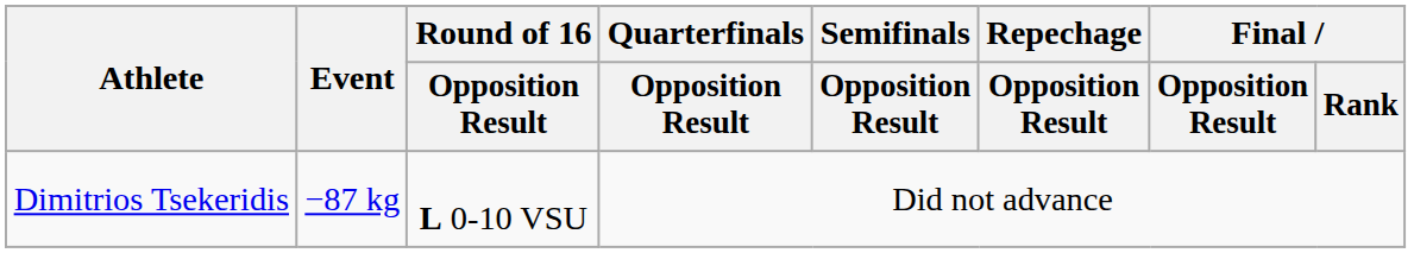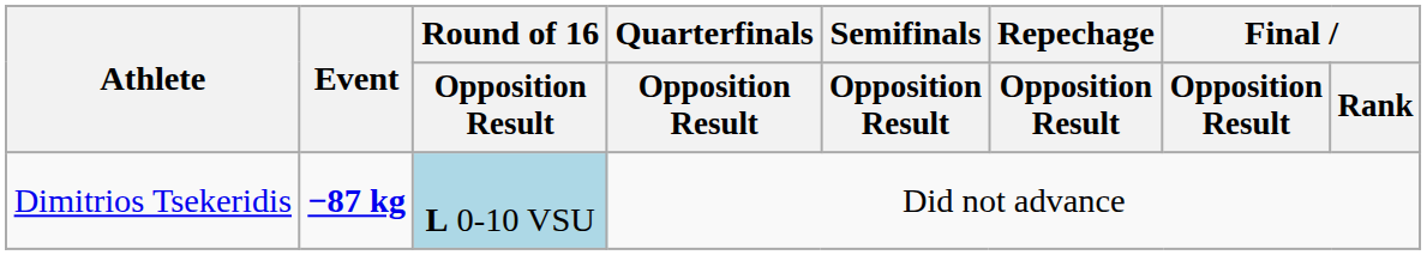 <table class="wikitable" style="text-align:center; font-size:90%">
 <tr>
 <th rowspan=2>Athlete</th>
 <th rowspan=2>Event</th>
 <th>Round of 16</th>
 <th>Quarterfinals</th>
 <th>Semifinals</th>
 <th>Repechage</th>
 <th colspan=2>Final / </th>
 </tr>
 <tr style="font-size: 95%">
 <th>Opposition<br>Result</th>
 <th>Opposition<br>Result</th>
 <th>Opposition<br>Result</th>
 <th>Opposition<br>Result</th>
 <th>Opposition<br>Result</th>
 <th>Rank</th>
 </tr>
 <tr>
 <td align=left><a href='#'>Dimitrios Tsekeridis</a></td>
-<td align=left><a href='#'>−87 kg</a></td>
-<td><br><strong>L</strong> 0-10 VSU</td>
+<td align=left><strong><a href='#'>−87 kg</a></strong></td>
+<td style="background: lightblue;"><br><strong>L</strong> 0-10 VSU</td>
 <td colspan=5>Did not advance</td>
 </tr>
 </table>
